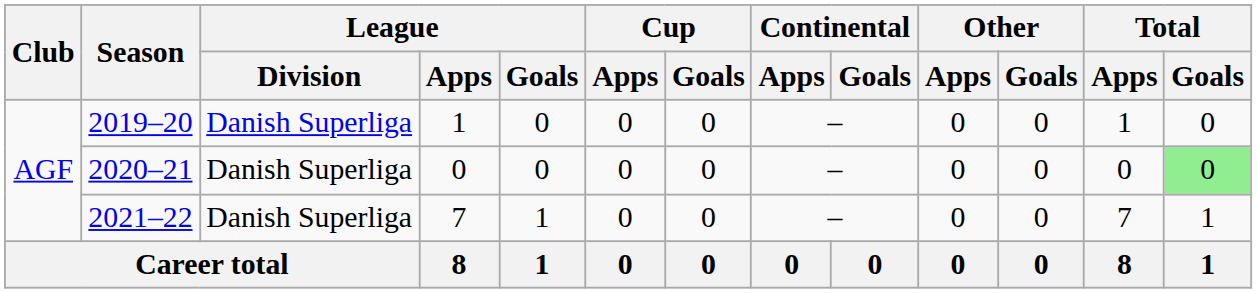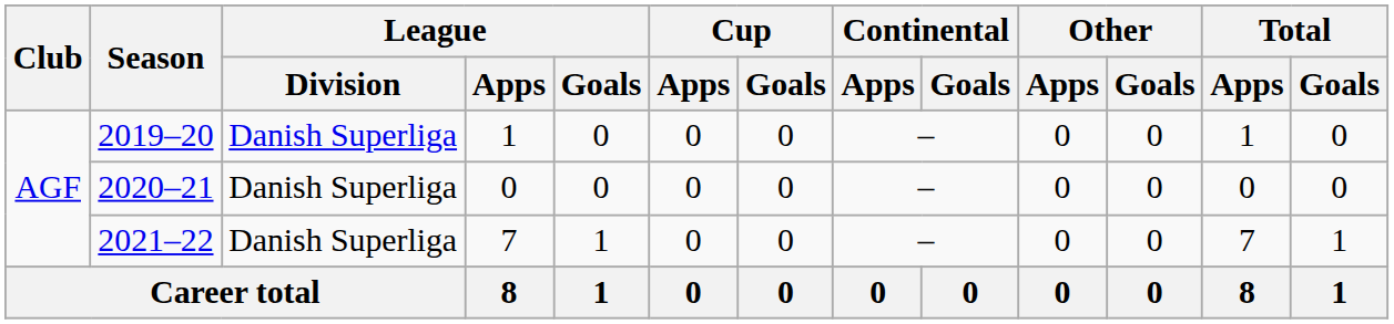 <table class="wikitable" style="text-align: center">
 <tr>
 <th rowspan="2">Club</th>
 <th rowspan="2">Season</th>
 <th colspan="3">League</th>
 <th colspan="2">Cup</th>
 <th colspan="2">Continental</th>
 <th colspan="2">Other</th>
 <th colspan="2">Total</th>
 </tr>
 <tr>
 <th>Division</th>
 <th>Apps</th>
 <th>Goals</th>
 <th>Apps</th>
 <th>Goals</th>
 <th>Apps</th>
 <th>Goals</th>
 <th>Apps</th>
 <th>Goals</th>
 <th>Apps</th>
 <th>Goals</th>
 </tr>
 <tr>
 <td rowspan="3"><a href='#'>AGF</a></td>
 <td><a href='#'>2019–20</a></td>
 <td><a href='#'>Danish Superliga</a></td>
 <td>1</td>
 <td>0</td>
 <td>0</td>
 <td>0</td>
 <td colspan="2">–</td>
 <td>0</td>
 <td>0</td>
 <td>1</td>
 <td>0</td>
 </tr>
 <tr>
 <td><a href='#'>2020–21</a></td>
 <td>Danish Superliga</td>
 <td>0</td>
 <td>0</td>
 <td>0</td>
 <td>0</td>
 <td colspan="2">–</td>
 <td>0</td>
 <td>0</td>
 <td>0</td>
-<td style="background: lightgreen;">0</td>
+<td>0</td>
 </tr>
 <tr>
 <td><a href='#'>2021–22</a></td>
 <td>Danish Superliga</td>
 <td>7</td>
 <td>1</td>
 <td>0</td>
 <td>0</td>
 <td colspan="2">–</td>
 <td>0</td>
 <td>0</td>
 <td>7</td>
 <td>1</td>
 </tr>
 <tr>
 <th colspan=3>Career total</th>
 <th>8</th>
 <th>1</th>
 <th>0</th>
 <th>0</th>
 <th>0</th>
 <th>0</th>
 <th>0</th>
 <th>0</th>
 <th>8</th>
 <th>1</th>
 </tr>
 </table>
